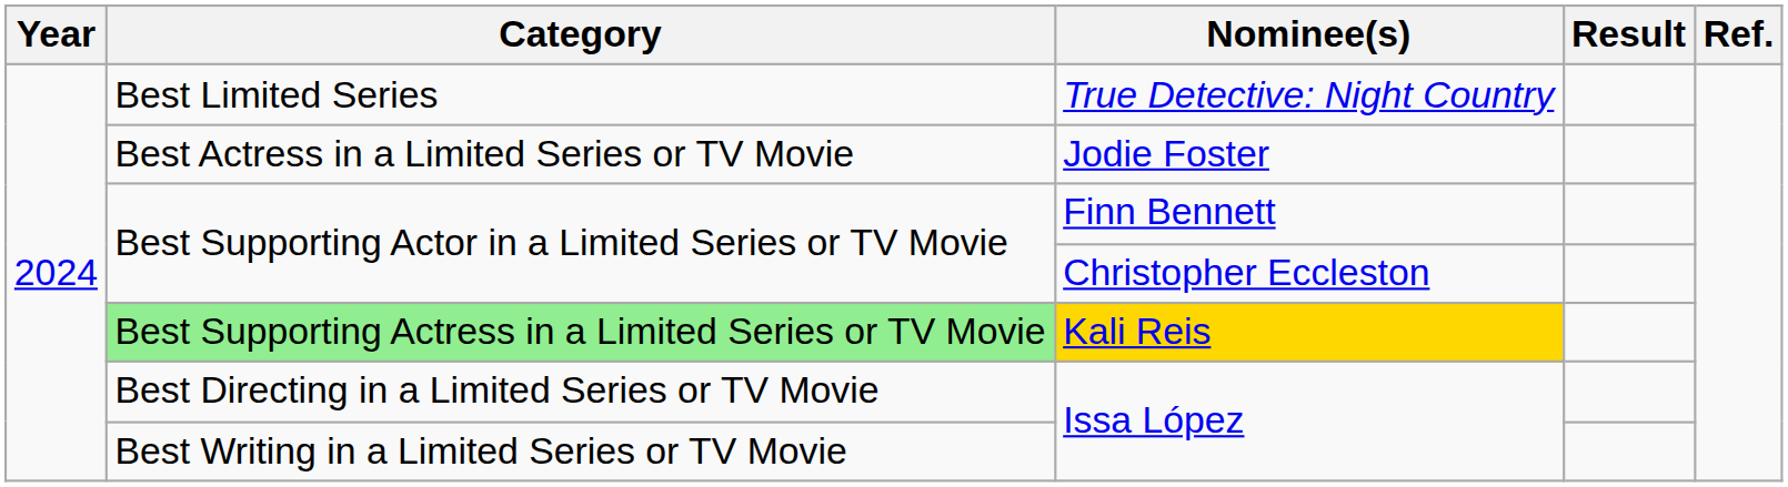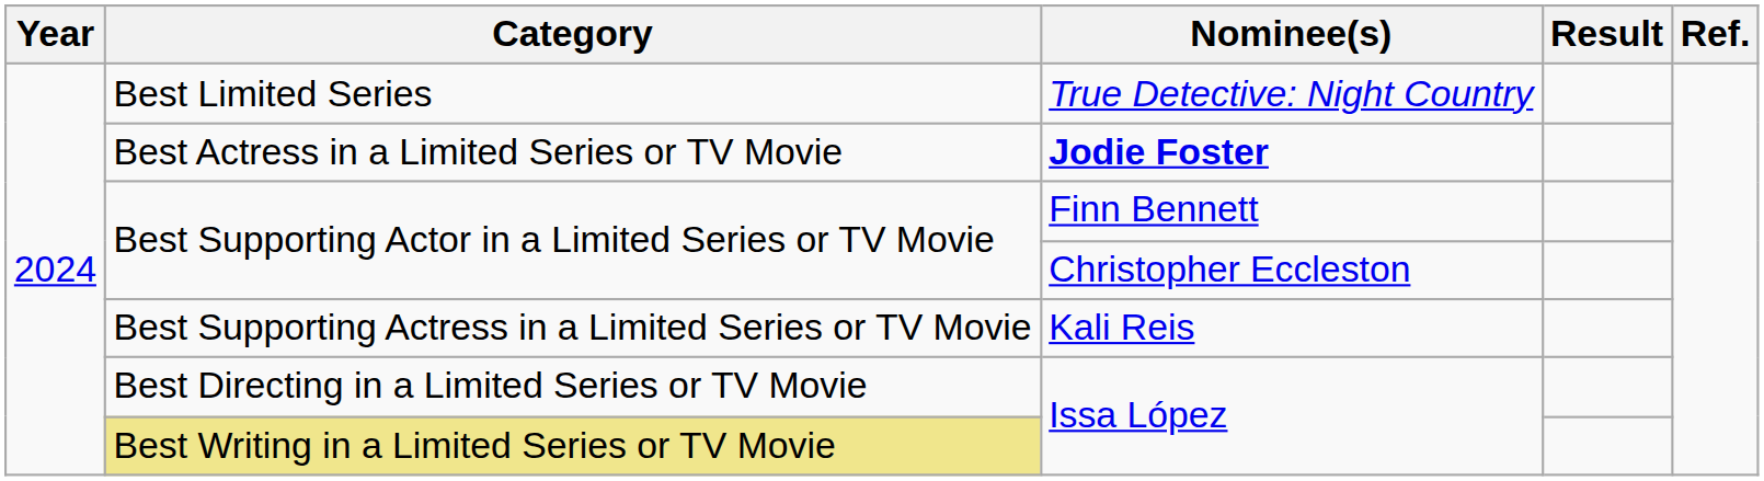 <table class="wikitable plainrowheaders">
 <tr>
 <th>Year</th>
 <th>Category</th>
 <th>Nominee(s)</th>
 <th>Result</th>
 <th>Ref.</th>
 </tr>
 <tr>
 <td rowspan="7"><a href='#'>2024</a></td>
 <td>Best Limited Series</td>
 <td><em><a href='#'>True Detective: Night Country</a></em></td>
 <td></td>
 <td align="center" rowspan="7"></td>
 </tr>
 <tr>
 <td>Best Actress in a Limited Series or TV Movie</td>
-<td><a href='#'>Jodie Foster</a></td>
+<td><strong><a href='#'>Jodie Foster</a></strong></td>
 <td></td>
 </tr>
 <tr>
 <td rowspan="2">Best Supporting Actor in a Limited Series or TV Movie</td>
 <td><a href='#'>Finn Bennett</a></td>
 <td></td>
 </tr>
 <tr>
 <td><a href='#'>Christopher Eccleston</a></td>
 <td></td>
 </tr>
 <tr>
-<td style="background: lightgreen;">Best Supporting Actress in a Limited Series or TV Movie</td>
-<td style="background: gold;"><a href='#'>Kali Reis</a></td>
+<td>Best Supporting Actress in a Limited Series or TV Movie</td>
+<td><a href='#'>Kali Reis</a></td>
 <td></td>
 </tr>
 <tr>
 <td>Best Directing in a Limited Series or TV Movie</td>
 <td rowspan="2"><a href='#'>Issa López</a></td>
 <td></td>
 </tr>
 <tr>
-<td>Best Writing in a Limited Series or TV Movie</td>
+<td style="background: khaki;">Best Writing in a Limited Series or TV Movie</td>
 <td></td>
 </tr>
 </table>
